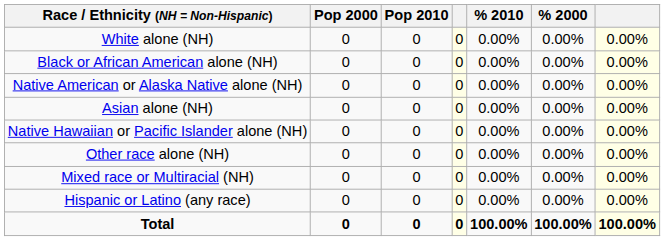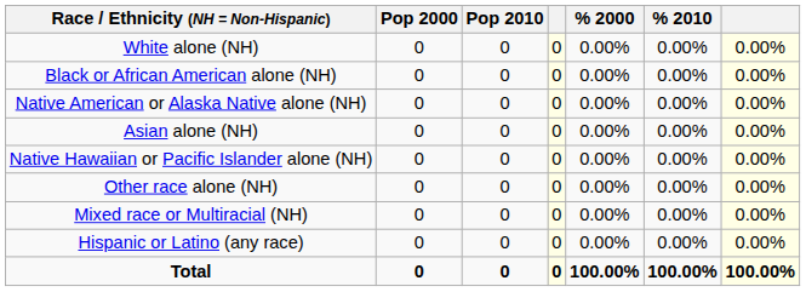 <table class="wikitable" style="text-align:center;">
 <tr>
 <th>Race / Ethnicity <small>(<em>NH = Non-Hispanic</em>)</small></th>
 <th>Pop 2000</th>
 <th>Pop 2010</th>
 <th></th>
+<th>% 2000</th>
 <th>% 2010</th>
-<th>% 2000</th>
 <th></th>
 </tr>
 <tr>
 <td><a href='#'>White</a> alone (NH)</td>
 <td>0</td>
 <td>0</td>
 <td style='background: #ffffe6;'>0</td>
 <td>0.00%</td>
 <td>0.00%</td>
 <td style='background: #ffffe6;'>0.00%</td>
 </tr>
 <tr>
 <td><a href='#'>Black or African American</a> alone (NH)</td>
 <td>0</td>
 <td>0</td>
 <td style='background: #ffffe6;'>0</td>
 <td>0.00%</td>
 <td>0.00%</td>
 <td style='background: #ffffe6;'>0.00%</td>
 </tr>
 <tr>
 <td><a href='#'>Native American</a> or <a href='#'>Alaska Native</a> alone (NH)</td>
 <td>0</td>
 <td>0</td>
 <td style='background: #ffffe6;'>0</td>
 <td>0.00%</td>
 <td>0.00%</td>
 <td style='background: #ffffe6;'>0.00%</td>
 </tr>
 <tr>
 <td><a href='#'>Asian</a> alone (NH)</td>
 <td>0</td>
 <td>0</td>
 <td style='background: #ffffe6;'>0</td>
 <td>0.00%</td>
 <td>0.00%</td>
 <td style='background: #ffffe6;'>0.00%</td>
 </tr>
 <tr>
 <td><a href='#'>Native Hawaiian</a> or <a href='#'>Pacific Islander</a> alone (NH)</td>
 <td>0</td>
 <td>0</td>
 <td style='background: #ffffe6;'>0</td>
 <td>0.00%</td>
 <td>0.00%</td>
 <td style='background: #ffffe6;'>0.00%</td>
 </tr>
 <tr>
 <td><a href='#'>Other race</a> alone (NH)</td>
 <td>0</td>
 <td>0</td>
 <td style='background: #ffffe6;'>0</td>
 <td>0.00%</td>
 <td>0.00%</td>
 <td style='background: #ffffe6;'>0.00%</td>
 </tr>
 <tr>
 <td><a href='#'>Mixed race or Multiracial</a> (NH)</td>
 <td>0</td>
 <td>0</td>
 <td style='background: #ffffe6;'>0</td>
 <td>0.00%</td>
 <td>0.00%</td>
 <td style='background: #ffffe6;'>0.00%</td>
 </tr>
 <tr>
 <td><a href='#'>Hispanic or Latino</a> (any race)</td>
 <td>0</td>
 <td>0</td>
 <td style='background: #ffffe6;'>0</td>
 <td>0.00%</td>
 <td>0.00%</td>
 <td style='background: #ffffe6;'>0.00%</td>
 </tr>
 <tr>
 <td><strong>Total</strong></td>
 <td><strong>0</strong></td>
 <td><strong>0</strong></td>
 <td style='background: #ffffe6;'><strong>0</strong></td>
 <td><strong>100.00%</strong></td>
 <td><strong>100.00%</strong></td>
 <td style='background: #ffffe6;'><strong>100.00%</strong></td>
 </tr>
 </table>
